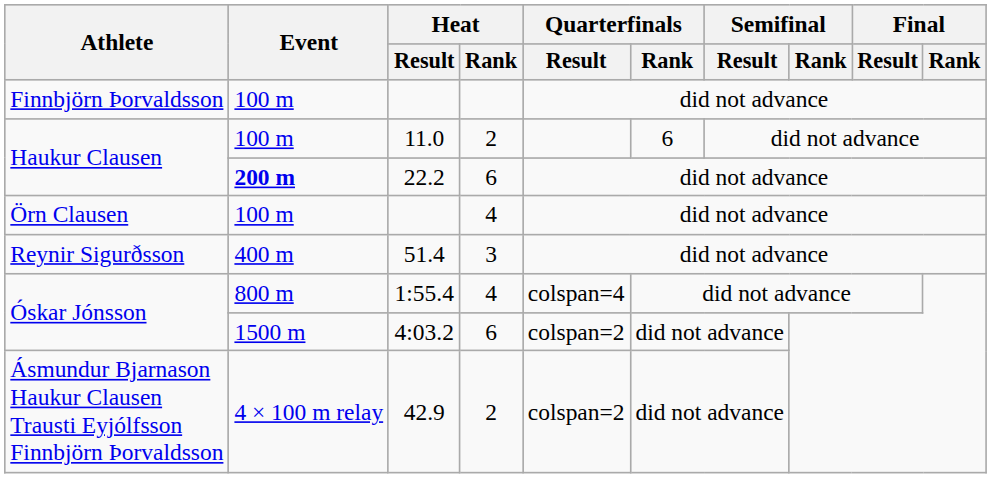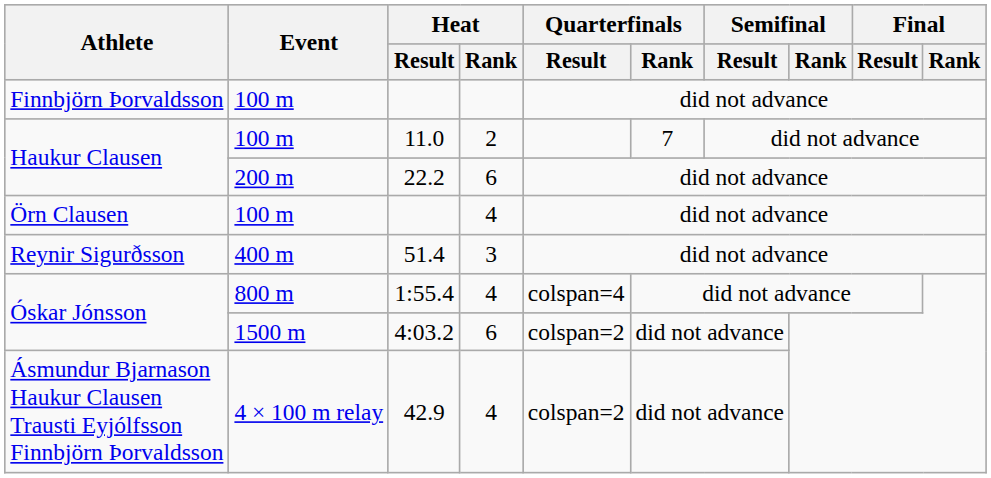 <table class="wikitable" style="font-size:90%">
 <tr>
 <th rowspan="2">Athlete</th>
 <th rowspan="2">Event</th>
 <th colspan="2">Heat</th>
 <th colspan="2">Quarterfinals</th>
 <th colspan="2">Semifinal</th>
 <th colspan="2">Final</th>
 </tr>
 <tr style="font-size:95%">
 <th>Result</th>
 <th>Rank</th>
 <th>Result</th>
 <th>Rank</th>
 <th>Result</th>
 <th>Rank</th>
 <th>Result</th>
 <th>Rank</th>
 </tr>
 <tr align=center>
 <td align=left><a href='#'>Finnbjörn Þorvaldsson</a></td>
 <td align=left><a href='#'>100 m</a></td>
 <td></td>
 <td></td>
 <td colspan=6>did not advance</td>
 </tr>
 <tr align=center>
 <td align=left rowspan=2><a href='#'>Haukur Clausen</a></td>
 <td align=left><a href='#'>100 m</a></td>
 <td>11.0</td>
 <td>2</td>
 <td></td>
-<td>6</td>
+<td>7</td>
 <td colspan=6>did not advance</td>
 </tr>
 <tr align=center>
-<td align=left><strong><a href='#'>200 m</a></strong></td>
+<td align=left><a href='#'>200 m</a></td>
 <td>22.2</td>
 <td>6</td>
 <td colspan=6>did not advance</td>
 </tr>
 <tr align=center>
 <td align=left><a href='#'>Örn Clausen</a></td>
 <td align=left><a href='#'>100 m</a></td>
 <td></td>
 <td>4</td>
 <td colspan=6>did not advance</td>
 </tr>
 <tr align=center>
 <td align=left><a href='#'>Reynir Sigurðsson</a></td>
 <td align=left><a href='#'>400 m</a></td>
 <td>51.4</td>
 <td>3</td>
 <td colspan=6>did not advance</td>
 </tr>
 <tr align=center>
 <td align=left rowspan=2><a href='#'>Óskar Jónsson</a></td>
 <td align=left><a href='#'>800 m</a></td>
 <td>1:55.4</td>
 <td>4</td>
 <td>colspan=4 </td>
 <td colspan=4>did not advance</td>
 </tr>
 <tr align=center>
 <td align=left><a href='#'>1500 m</a></td>
 <td>4:03.2</td>
 <td>6</td>
 <td>colspan=2 </td>
 <td colspan=2>did not advance</td>
 </tr>
 <tr align=center>
 <td align=left><a href='#'>Ásmundur Bjarnason</a><br><a href='#'>Haukur Clausen</a><br><a href='#'>Trausti Eyjólfsson</a><br><a href='#'>Finnbjörn Þorvaldsson</a></td>
 <td align=left><a href='#'>4 × 100 m relay</a></td>
 <td>42.9</td>
-<td>2</td>
+<td>4</td>
 <td>colspan=2 </td>
 <td colspan=2>did not advance</td>
 </tr>
 </table>
